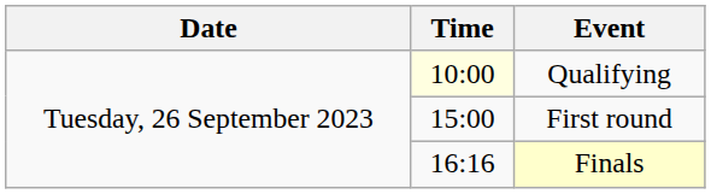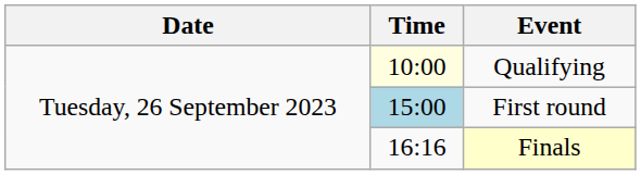 <table class = "wikitable" style="text-align:center;">
 <tr>
 <th width=220>Date</th>
 <th width=50>Time</th>
 <th width=100>Event</th>
 </tr>
 <tr>
 <td rowspan=3>Tuesday, 26 September 2023</td>
 <td style="background: lightyellow;">10:00</td>
 <td>Qualifying</td>
 </tr>
 <tr>
-<td>15:00</td>
+<td style="background: lightblue;">15:00</td>
 <td>First round</td>
 </tr>
 <tr>
 <td>16:16</td>
 <td bgcolor=ffffcc>Finals</td>
 </tr>
 </table>
